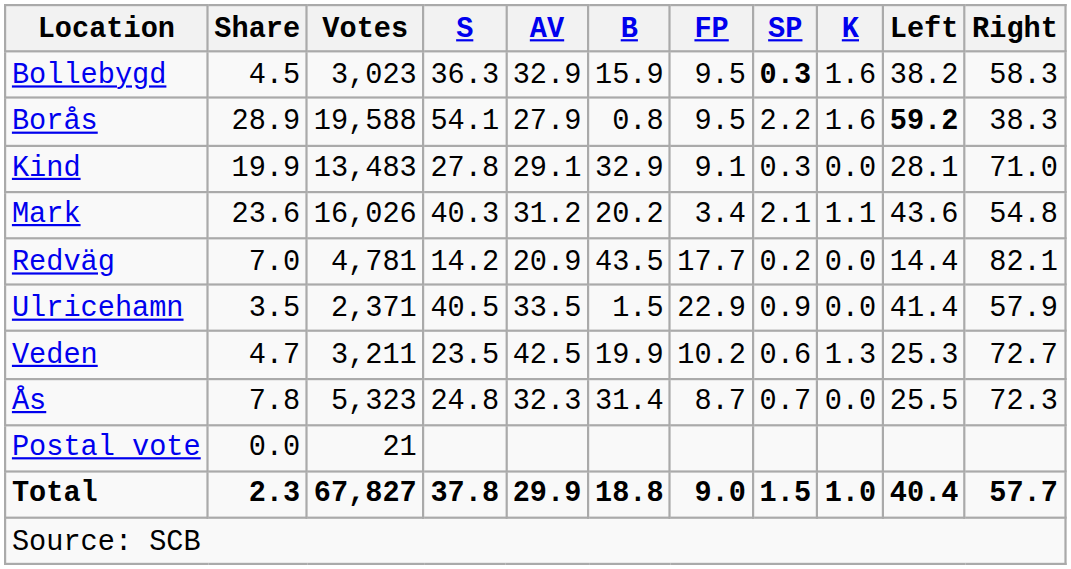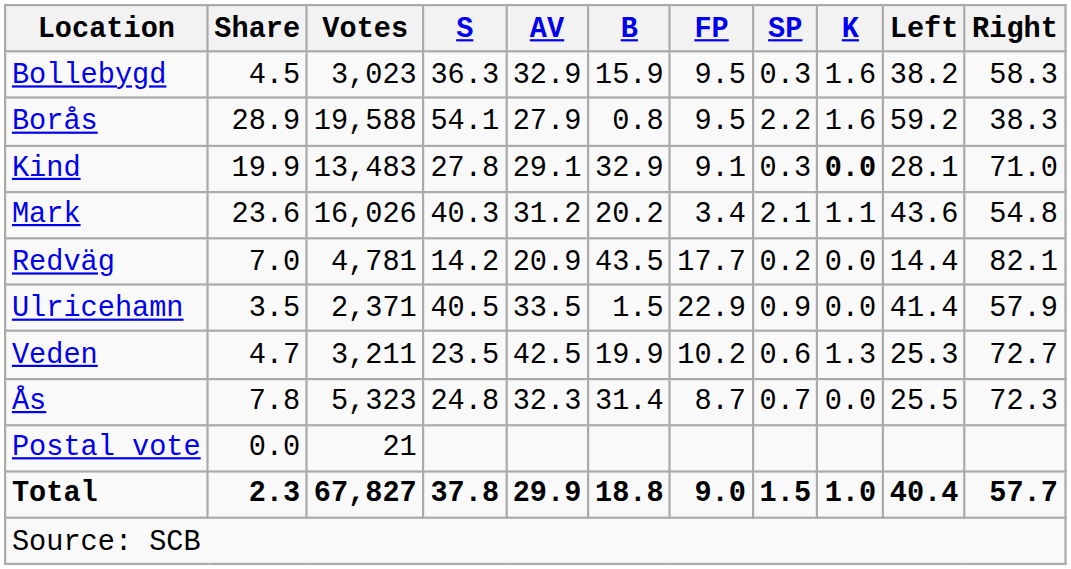 <table class="wikitable sortable" style=text-align:right>
 <tr>
 <th>Location</th>
 <th>Share</th>
 <th>Votes</th>
 <th><a href='#'>S</a></th>
 <th><a href='#'>AV</a></th>
 <th><a href='#'>B</a></th>
 <th><a href='#'>FP</a></th>
 <th><a href='#'>SP</a></th>
 <th><a href='#'>K</a></th>
 <th>Left</th>
 <th>Right</th>
 </tr>
 <tr>
 <td align=left><a href='#'>Bollebygd</a></td>
 <td>4.5</td>
 <td>3,023</td>
 <td>36.3</td>
 <td>32.9</td>
 <td>15.9</td>
 <td>9.5</td>
-<td><strong>0.3</strong></td>
+<td>0.3</td>
 <td>1.6</td>
 <td>38.2</td>
 <td>58.3</td>
 </tr>
 <tr>
 <td align=left><a href='#'>Borås</a></td>
 <td>28.9</td>
 <td>19,588</td>
 <td>54.1</td>
 <td>27.9</td>
 <td>0.8</td>
 <td>9.5</td>
 <td>2.2</td>
 <td>1.6</td>
-<td><strong>59.2</strong></td>
+<td>59.2</td>
 <td>38.3</td>
 </tr>
 <tr>
 <td align=left><a href='#'>Kind</a></td>
 <td>19.9</td>
 <td>13,483</td>
 <td>27.8</td>
 <td>29.1</td>
 <td>32.9</td>
 <td>9.1</td>
 <td>0.3</td>
-<td>0.0</td>
+<td><strong>0.0</strong></td>
 <td>28.1</td>
 <td>71.0</td>
 </tr>
 <tr>
 <td align=left><a href='#'>Mark</a></td>
 <td>23.6</td>
 <td>16,026</td>
 <td>40.3</td>
 <td>31.2</td>
 <td>20.2</td>
 <td>3.4</td>
 <td>2.1</td>
 <td>1.1</td>
 <td>43.6</td>
 <td>54.8</td>
 </tr>
 <tr>
 <td align=left><a href='#'>Redväg</a></td>
 <td>7.0</td>
 <td>4,781</td>
 <td>14.2</td>
 <td>20.9</td>
 <td>43.5</td>
 <td>17.7</td>
 <td>0.2</td>
 <td>0.0</td>
 <td>14.4</td>
 <td>82.1</td>
 </tr>
 <tr>
 <td align=left><a href='#'>Ulricehamn</a></td>
 <td>3.5</td>
 <td>2,371</td>
 <td>40.5</td>
 <td>33.5</td>
 <td>1.5</td>
 <td>22.9</td>
 <td>0.9</td>
 <td>0.0</td>
 <td>41.4</td>
 <td>57.9</td>
 </tr>
 <tr>
 <td align=left><a href='#'>Veden</a></td>
 <td>4.7</td>
 <td>3,211</td>
 <td>23.5</td>
 <td>42.5</td>
 <td>19.9</td>
 <td>10.2</td>
 <td>0.6</td>
 <td>1.3</td>
 <td>25.3</td>
 <td>72.7</td>
 </tr>
 <tr>
 <td align=left><a href='#'>Ås</a></td>
 <td>7.8</td>
 <td>5,323</td>
 <td>24.8</td>
 <td>32.3</td>
 <td>31.4</td>
 <td>8.7</td>
 <td>0.7</td>
 <td>0.0</td>
 <td>25.5</td>
 <td>72.3</td>
 </tr>
 <tr>
 <td align=left><a href='#'>Postal vote</a></td>
 <td>0.0</td>
 <td>21</td>
 <td></td>
 <td></td>
 <td></td>
 <td></td>
 <td></td>
 <td></td>
 <td></td>
 <td></td>
 </tr>
 <tr>
 <td align=left><strong>Total</strong></td>
 <td><strong>2.3</strong></td>
 <td><strong>67,827</strong></td>
 <td><strong>37.8</strong></td>
 <td><strong>29.9</strong></td>
 <td><strong>18.8</strong></td>
 <td><strong>9.0</strong></td>
 <td><strong>1.5</strong></td>
 <td><strong>1.0</strong></td>
 <td><strong>40.4</strong></td>
 <td><strong>57.7</strong></td>
 </tr>
 <tr>
 <td align=left colspan=11>Source: SCB </td>
 </tr>
 </table>
